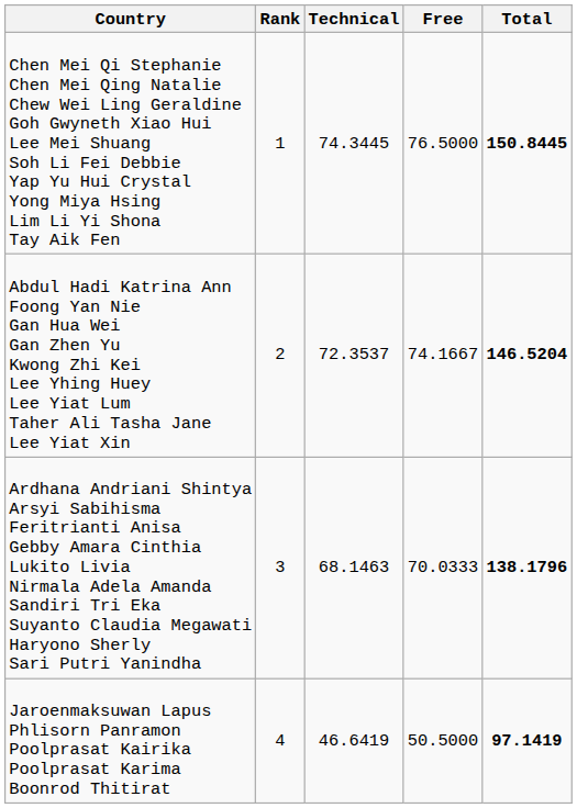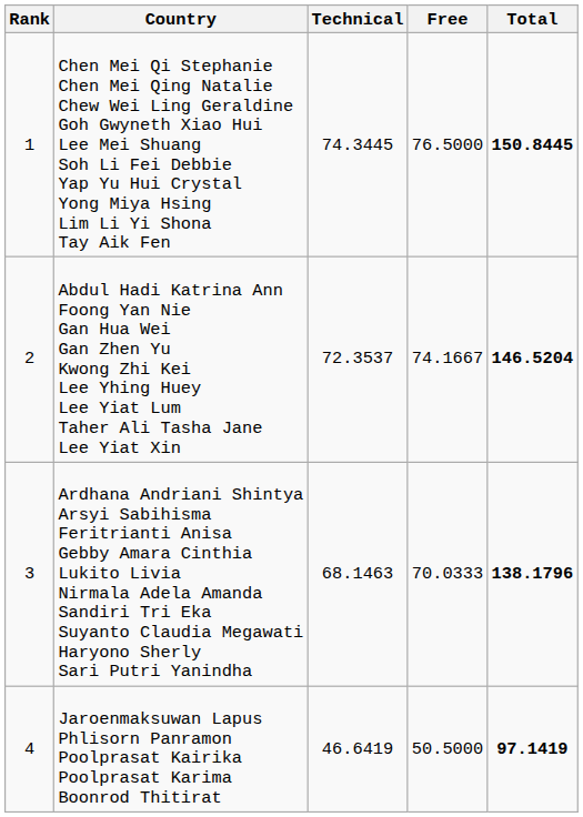 <table class="wikitable" style="text-align:center;">
 <tr>
+<th>Rank</th>
 <th>Country</th>
-<th>Rank</th>
 <th>Technical</th>
 <th>Free</th>
 <th>Total</th>
 </tr>
 <tr>
+<td>1</td>
 <td align="left"><br>Chen Mei Qi Stephanie<br>Chen Mei Qing Natalie<br>Chew Wei Ling Geraldine<br>Goh Gwyneth Xiao Hui<br>Lee Mei Shuang<br>Soh Li Fei Debbie<br>Yap Yu Hui Crystal<br>Yong Miya Hsing<br>Lim Li Yi Shona<br>Tay Aik Fen</td>
-<td>1</td>
 <td>74.3445</td>
 <td>76.5000</td>
 <td><strong>150.8445</strong></td>
 </tr>
 <tr>
+<td>2</td>
 <td align="left"><br>Abdul Hadi Katrina Ann<br>Foong Yan Nie<br>Gan Hua Wei<br>Gan Zhen Yu<br>Kwong Zhi Kei<br>Lee Yhing Huey<br>Lee Yiat Lum<br>Taher Ali Tasha Jane<br>Lee Yiat Xin</td>
-<td>2</td>
 <td>72.3537</td>
 <td>74.1667</td>
 <td><strong>146.5204</strong></td>
 </tr>
 <tr>
+<td>3</td>
 <td align="left"><br>Ardhana Andriani Shintya<br>Arsyi Sabihisma<br>Feritrianti Anisa<br>Gebby Amara Cinthia<br>Lukito Livia<br>Nirmala Adela Amanda<br>Sandiri Tri Eka<br>Suyanto Claudia Megawati<br>Haryono Sherly<br>Sari Putri Yanindha</td>
-<td>3</td>
 <td>68.1463</td>
 <td>70.0333</td>
 <td><strong>138.1796</strong></td>
 </tr>
 <tr>
+<td>4</td>
 <td align="left"><br>Jaroenmaksuwan Lapus<br>Phlisorn Panramon<br>Poolprasat Kairika<br>Poolprasat Karima<br>Boonrod Thitirat</td>
-<td>4</td>
 <td>46.6419</td>
 <td>50.5000</td>
 <td><strong>97.1419</strong></td>
 </tr>
 </table>
